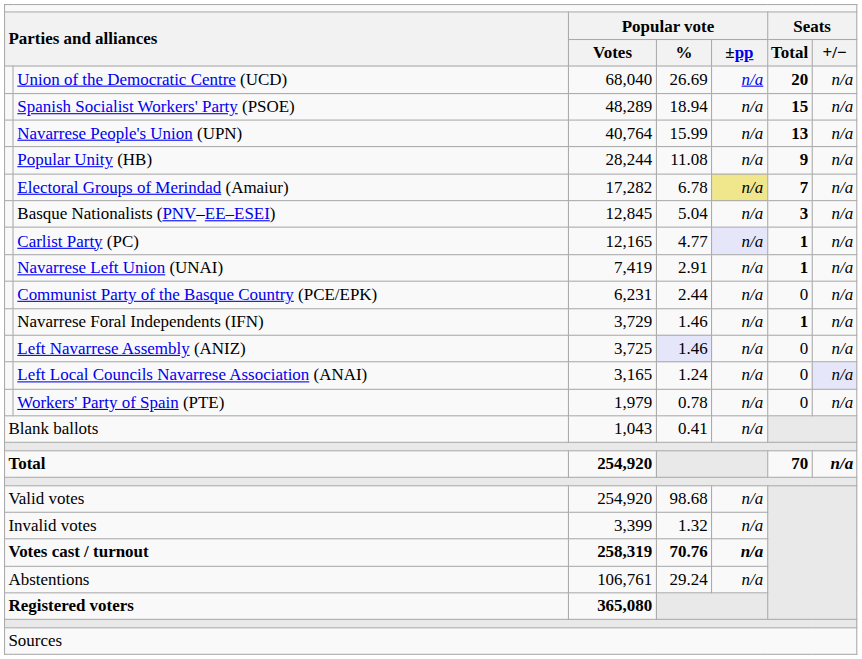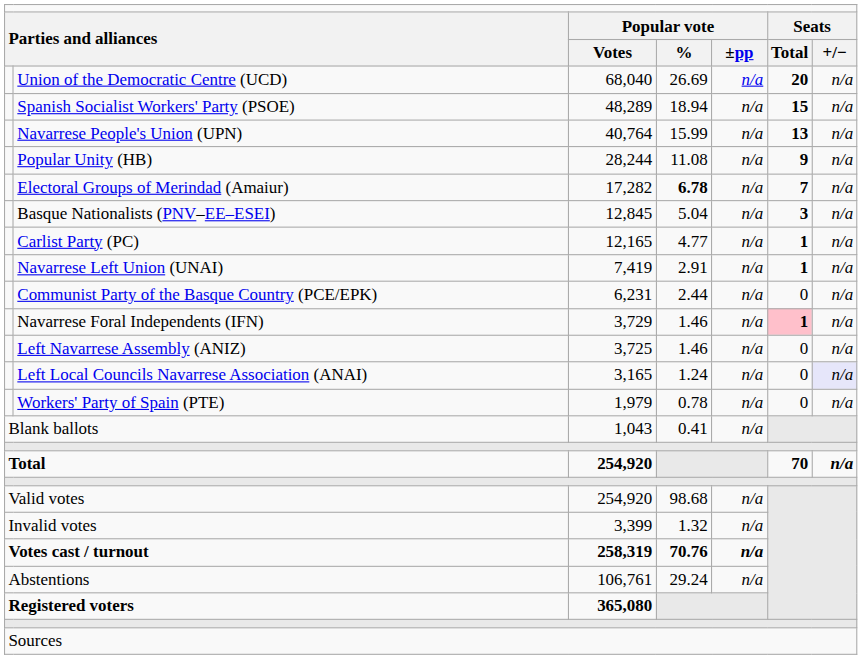 <table class="wikitable" style="text-align:right;">
 <tr>
 <td colspan="7"></td>
 </tr>
 <tr>
 <th style="text-align:left;" rowspan="2" colspan="2" width="525">Parties and alliances</th>
 <th colspan="3">Popular vote</th>
 <th colspan="2">Seats</th>
 </tr>
 <tr>
 <th width="75">Votes</th>
 <th width="45">%</th>
 <th width="45">±<a href='#'>pp</a></th>
 <th width="35">Total</th>
 <th width="35">+/−</th>
 </tr>
 <tr>
 <td width="1" style="color:inherit;background:"></td>
 <td align="left"><a href='#'>Union of the Democratic Centre</a> (UCD)</td>
 <td>68,040</td>
 <td>26.69</td>
 <td><em><a href='#'>n/a</a></em></td>
 <td><strong>20</strong></td>
 <td><em>n/a</em></td>
 </tr>
 <tr>
 <td style="color:inherit;background:"></td>
 <td align="left"><a href='#'>Spanish Socialist Workers' Party</a> (PSOE)</td>
 <td>48,289</td>
 <td>18.94</td>
 <td><em>n/a</em></td>
 <td><strong>15</strong></td>
 <td><em>n/a</em></td>
 </tr>
 <tr>
 <td style="color:inherit;background:"></td>
 <td align="left"><a href='#'>Navarrese People's Union</a> (UPN)</td>
 <td>40,764</td>
 <td>15.99</td>
 <td><em>n/a</em></td>
 <td><strong>13</strong></td>
 <td><em>n/a</em></td>
 </tr>
 <tr>
 <td style="color:inherit;background:"></td>
 <td align="left"><a href='#'>Popular Unity</a> (HB)</td>
 <td>28,244</td>
 <td>11.08</td>
 <td><em>n/a</em></td>
 <td><strong>9</strong></td>
 <td><em>n/a</em></td>
 </tr>
 <tr>
 <td style="color:inherit;background:"></td>
 <td align="left"><a href='#'>Electoral Groups of Merindad</a> (Amaiur)</td>
 <td>17,282</td>
-<td>6.78</td>
-<td style="background: khaki;"><em>n/a</em></td>
+<td><strong>6.78</strong></td>
+<td><em>n/a</em></td>
 <td><strong>7</strong></td>
 <td><em>n/a</em></td>
 </tr>
 <tr>
 <td style="color:inherit;background:"></td>
 <td align="left">Basque Nationalists (<a href='#'>PNV</a>–<a href='#'>EE–ESEI</a>)</td>
 <td>12,845</td>
 <td>5.04</td>
 <td><em>n/a</em></td>
 <td><strong>3</strong></td>
 <td><em>n/a</em></td>
 </tr>
 <tr>
 <td style="color:inherit;background:"></td>
 <td align="left"><a href='#'>Carlist Party</a> (PC)</td>
 <td>12,165</td>
 <td>4.77</td>
-<td style="background: lavender;"><em>n/a</em></td>
+<td><em>n/a</em></td>
 <td><strong>1</strong></td>
 <td><em>n/a</em></td>
 </tr>
 <tr>
 <td style="color:inherit;background:"></td>
 <td align="left"><a href='#'>Navarrese Left Union</a> (UNAI)</td>
 <td>7,419</td>
 <td>2.91</td>
 <td><em>n/a</em></td>
 <td><strong>1</strong></td>
 <td><em>n/a</em></td>
 </tr>
 <tr>
 <td style="color:inherit;background:"></td>
 <td align="left"><a href='#'>Communist Party of the Basque Country</a> (PCE/EPK)</td>
 <td>6,231</td>
 <td>2.44</td>
 <td><em>n/a</em></td>
 <td>0</td>
 <td><em>n/a</em></td>
 </tr>
 <tr>
 <td style="color:inherit;background:"></td>
 <td align="left">Navarrese Foral Independents (IFN)</td>
 <td>3,729</td>
 <td>1.46</td>
 <td><em>n/a</em></td>
-<td><strong>1</strong></td>
+<td style="background: pink;"><strong>1</strong></td>
 <td><em>n/a</em></td>
 </tr>
 <tr>
 <td style="color:inherit;background:"></td>
 <td align="left"><a href='#'>Left Navarrese Assembly</a> (ANIZ)</td>
 <td>3,725</td>
-<td style="background: lavender;">1.46</td>
+<td>1.46</td>
 <td><em>n/a</em></td>
 <td>0</td>
 <td><em>n/a</em></td>
 </tr>
 <tr>
 <td style="color:inherit;background:"></td>
 <td align="left"><a href='#'>Left Local Councils Navarrese Association</a> (ANAI)</td>
 <td>3,165</td>
 <td>1.24</td>
 <td><em>n/a</em></td>
 <td>0</td>
 <td style="background: lavender;"><em>n/a</em></td>
 </tr>
 <tr>
 <td style="color:inherit;background:"></td>
 <td align="left"><a href='#'>Workers' Party of Spain</a> (PTE)</td>
 <td>1,979</td>
 <td>0.78</td>
 <td><em>n/a</em></td>
 <td>0</td>
 <td><em>n/a</em></td>
 </tr>
 <tr>
 <td align="left" colspan="2">Blank ballots</td>
 <td>1,043</td>
 <td>0.41</td>
 <td><em>n/a</em></td>
 <td bgcolor="#E9E9E9" colspan="2"></td>
 </tr>
 <tr>
 <td colspan="7" bgcolor="#E9E9E9"></td>
 </tr>
 <tr style="font-weight:bold;">
 <td align="left" colspan="2">Total</td>
 <td>254,920</td>
 <td bgcolor="#E9E9E9" colspan="2"></td>
 <td>70</td>
 <td><em>n/a</em></td>
 </tr>
 <tr>
 <td colspan="7" bgcolor="#E9E9E9"></td>
 </tr>
 <tr>
 <td align="left" colspan="2">Valid votes</td>
 <td>254,920</td>
 <td>98.68</td>
 <td><em>n/a</em></td>
 <td bgcolor="#E9E9E9" colspan="2" rowspan="5"></td>
 </tr>
 <tr>
 <td align="left" colspan="2">Invalid votes</td>
 <td>3,399</td>
 <td>1.32</td>
 <td><em>n/a</em></td>
 </tr>
 <tr style="font-weight:bold;">
 <td align="left" colspan="2">Votes cast / turnout</td>
 <td>258,319</td>
 <td>70.76</td>
 <td><em>n/a</em></td>
 </tr>
 <tr>
 <td align="left" colspan="2">Abstentions</td>
 <td>106,761</td>
 <td>29.24</td>
 <td><em>n/a</em></td>
 </tr>
 <tr style="font-weight:bold;">
 <td align="left" colspan="2">Registered voters</td>
 <td>365,080</td>
 <td bgcolor="#E9E9E9" colspan="2"></td>
 </tr>
 <tr>
 <td colspan="7" bgcolor="#E9E9E9"></td>
 </tr>
 <tr>
 <td align="left" colspan="7">Sources</td>
 </tr>
 </table>
